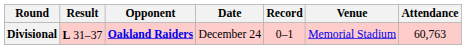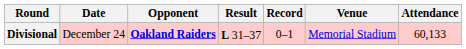 <table class="wikitable" style="text-align:center">
 <tr>
 <th>Round</th>
+<th>Date</th>
+<th>Opponent</th>
 <th>Result</th>
-<th>Opponent</th>
-<th>Date</th>
 <th>Record</th>
 <th>Venue</th>
 <th>Attendance</th>
 </tr>
 <tr style="background:#fcc">
 <th>Divisional</th>
+<td>December 24</td>
+<td><strong><a href='#'>Oakland Raiders</a> </strong></td>
 <td><strong>L</strong> 31–37<sup></sup></td>
-<td><strong><a href='#'>Oakland Raiders</a> </strong></td>
-<td>December 24</td>
 <td>0–1</td>
 <td><a href='#'>Memorial Stadium</a></td>
-<td>60,763</td>
+<td>60,133</td>
 </tr>
 </table>
